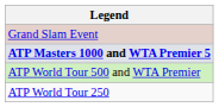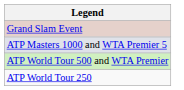 <table class="wikitable">
 <tr>
 <th>Legend</th>
 </tr>
 <tr style=background:#e5d1cb;>
 <td><a href='#'>Grand Slam Event</a></td>
 </tr>
 <tr style=background:#dfe2e9;>
-<td><strong><a href='#'>ATP Masters 1000</a> and <a href='#'>WTA Premier 5</a></strong></td>
+<td><a href='#'>ATP Masters 1000</a> and <a href='#'>WTA Premier 5</a></td>
 </tr>
 <tr style=background:#d0f0c0;>
 <td><a href='#'>ATP World Tour 500</a> and <a href='#'>WTA Premier</a></td>
 </tr>
 <tr group4style=background:#ffffff;>
 <td><a href='#'>ATP World Tour 250</a></td>
 </tr>
 </table>
